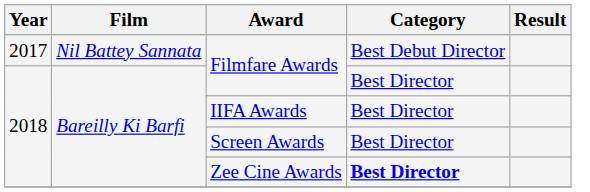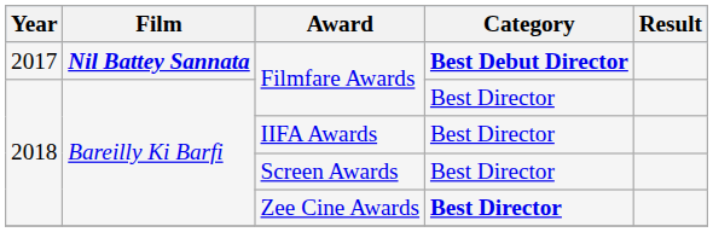 <table class="wikitable sortable" style="background:#f5f5f5;">
 <tr style="background:#B0C4DE;">
 <th>Year</th>
 <th>Film</th>
 <th>Award</th>
 <th>Category</th>
 <th>Result</th>
 </tr>
 <tr>
 <td>2017</td>
-<td><em><a href='#'>Nil Battey Sannata</a></em></td>
+<td><strong><em><a href='#'>Nil Battey Sannata</a></em></strong></td>
 <td rowspan="2"><a href='#'>Filmfare Awards</a></td>
-<td><a href='#'>Best Debut Director</a></td>
+<td><strong><a href='#'>Best Debut Director</a></strong></td>
 <td></td>
 </tr>
 <tr>
 <td rowspan="4">2018</td>
 <td rowspan="4"><em><a href='#'>Bareilly Ki Barfi</a></em></td>
 <td><a href='#'>Best Director</a></td>
 <td></td>
 </tr>
 <tr>
 <td><a href='#'>IIFA Awards</a></td>
 <td><a href='#'>Best Director</a></td>
 <td></td>
 </tr>
 <tr>
 <td><a href='#'>Screen Awards</a></td>
 <td><a href='#'>Best Director</a></td>
 <td></td>
 </tr>
 <tr>
 <td><a href='#'>Zee Cine Awards</a></td>
 <td><strong><a href='#'>Best Director</a></strong></td>
 <td></td>
 </tr>
 <tr>
 </tr>
 </table>
